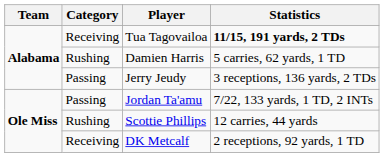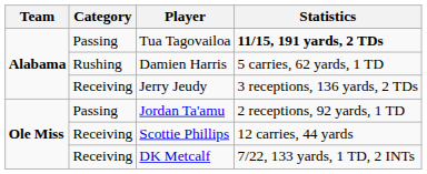 <table class="wikitable" style="float: right;">
 <tr>
 <th>Team</th>
 <th>Category</th>
 <th>Player</th>
 <th>Statistics</th>
 </tr>
 <tr>
 <td rowspan=3><strong>Alabama</strong></td>
-<td>Receiving</td>
+<td>Passing</td>
 <td>Tua Tagovailoa</td>
 <td><strong>11/15, 191 yards, 2 TDs</strong></td>
 </tr>
 <tr>
 <td>Rushing</td>
 <td>Damien Harris</td>
 <td>5 carries, 62 yards, 1 TD</td>
 </tr>
 <tr>
-<td>Passing</td>
+<td>Receiving</td>
 <td>Jerry Jeudy</td>
 <td>3 receptions, 136 yards, 2 TDs</td>
 </tr>
 <tr>
 <td rowspan=3><strong>Ole Miss</strong></td>
 <td>Passing</td>
 <td><a href='#'>Jordan Ta'amu</a></td>
-<td>7/22, 133 yards, 1 TD, 2 INTs</td>
+<td>2 receptions, 92 yards, 1 TD</td>
 </tr>
 <tr>
-<td>Rushing</td>
+<td>Receiving</td>
 <td><a href='#'>Scottie Phillips</a></td>
 <td>12 carries, 44 yards</td>
 </tr>
 <tr>
 <td>Receiving</td>
 <td><a href='#'>DK Metcalf</a></td>
-<td>2 receptions, 92 yards, 1 TD</td>
+<td>7/22, 133 yards, 1 TD, 2 INTs</td>
 </tr>
 </table>
